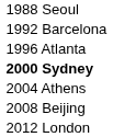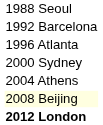 <table>
 <tr>
 <td>1988 Seoul<br></td>
 <td></td>
 <td></td>
 <td></td>
 </tr>
 <tr>
 <td>1992 Barcelona<br></td>
 <td></td>
 <td></td>
 <td></td>
 </tr>
 <tr>
 <td>1996 Atlanta<br></td>
 <td></td>
 <td></td>
 <td></td>
 </tr>
 <tr>
-<td><strong>2000 Sydney<br></strong></td>
+<td>2000 Sydney<br></td>
 <td></td>
 <td></td>
 <td></td>
 </tr>
 <tr>
 <td>2004 Athens<br></td>
 <td></td>
 <td></td>
 <td></td>
 </tr>
 <tr>
-<td>2008 Beijing<br></td>
+<td style="background: lightyellow;">2008 Beijing<br></td>
 <td></td>
 <td></td>
 <td></td>
 </tr>
 <tr>
-<td>2012 London<br></td>
+<td><strong>2012 London<br></strong></td>
 <td></td>
 <td></td>
 <td></td>
 </tr>
 <tr>
 </tr>
 </table>
